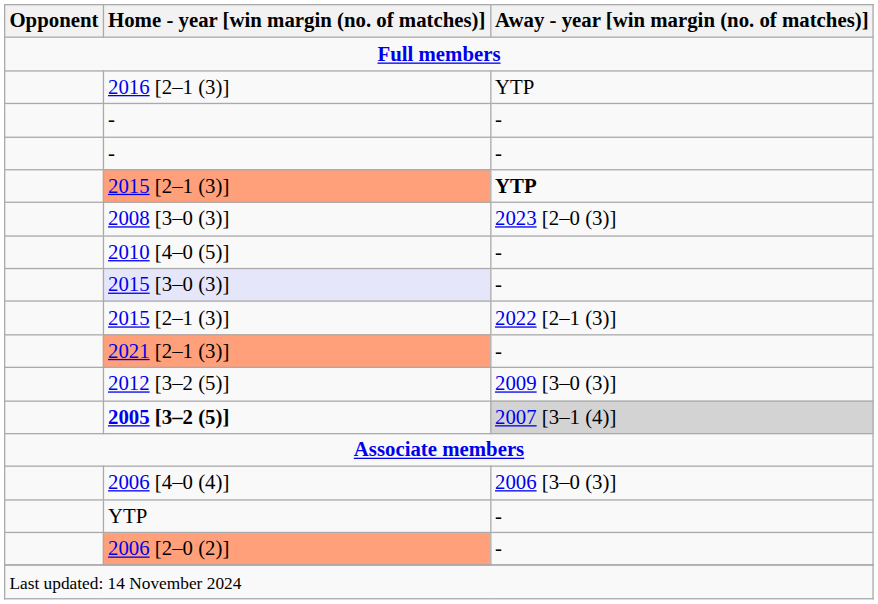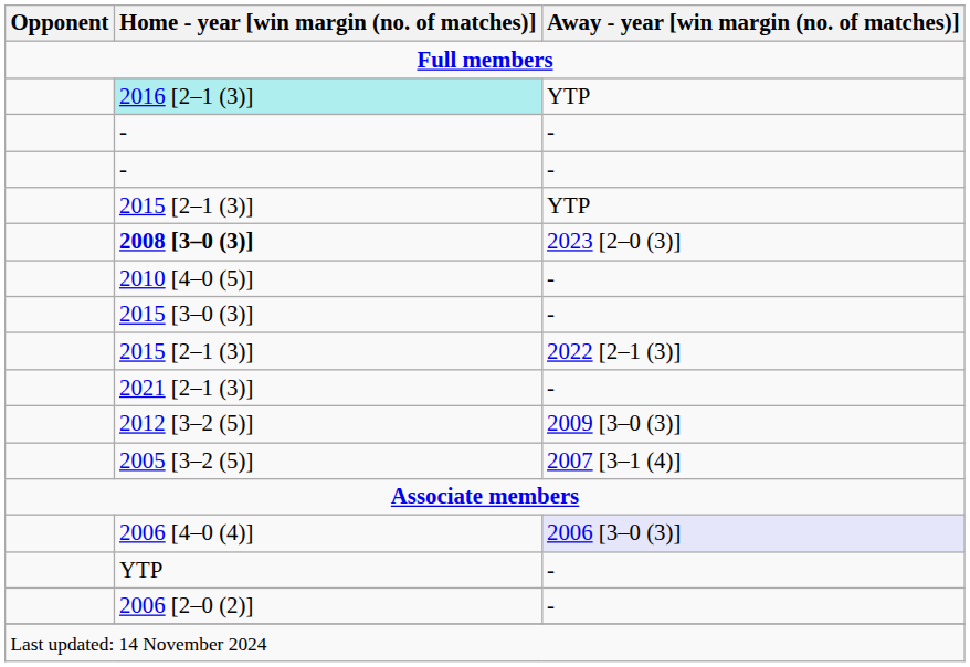 <table class="wikitable plainrowheaders sortable">
 <tr>
 <th>Opponent</th>
 <th>Home - year [win margin (no. of matches)]</th>
 <th>Away - year [win margin (no. of matches)]</th>
 </tr>
 <tr>
 <td style="text-align: center;" colspan="9"><strong><a href='#'>Full members</a></strong></td>
 </tr>
 <tr>
 <td></td>
-<td><a href='#'>2016</a> [2–1 (3)]</td>
+<td style="background: paleturquoise;"><a href='#'>2016</a> [2–1 (3)]</td>
 <td>YTP</td>
 </tr>
 <tr>
 <td></td>
 <td>-</td>
 <td>-</td>
 </tr>
 <tr>
 <td></td>
 <td>-</td>
 <td>-</td>
 </tr>
 <tr>
 <td></td>
-<td style="background: lightsalmon;"><a href='#'>2015</a> [2–1 (3)]</td>
-<td><strong>YTP</strong></td>
+<td><a href='#'>2015</a> [2–1 (3)]</td>
+<td>YTP</td>
 </tr>
 <tr>
 <td></td>
-<td><a href='#'>2008</a> [3–0 (3)]</td>
+<td><strong><a href='#'>2008</a> [3–0 (3)]</strong></td>
 <td><a href='#'>2023</a> [2–0 (3)]</td>
 </tr>
 <tr>
 <td></td>
 <td><a href='#'>2010</a> [4–0 (5)]</td>
 <td>-</td>
 </tr>
 <tr>
 <td></td>
-<td style="background: lavender;"><a href='#'>2015</a> [3–0 (3)]</td>
+<td><a href='#'>2015</a> [3–0 (3)]</td>
 <td>-</td>
 </tr>
 <tr>
 <td></td>
 <td><a href='#'>2015</a> [2–1 (3)]</td>
 <td><a href='#'>2022</a> [2–1 (3)]</td>
 </tr>
 <tr>
 <td></td>
-<td style="background: lightsalmon;"><a href='#'>2021</a> [2–1 (3)]</td>
+<td><a href='#'>2021</a> [2–1 (3)]</td>
 <td>-</td>
 </tr>
 <tr>
 <td></td>
 <td><a href='#'>2012</a> [3–2 (5)]</td>
 <td><a href='#'>2009</a> [3–0 (3)]</td>
 </tr>
 <tr>
 <td></td>
-<td><strong><a href='#'>2005</a> [3–2 (5)]</strong></td>
-<td style="background: lightgrey;"><a href='#'>2007</a> [3–1 (4)]</td>
+<td><a href='#'>2005</a> [3–2 (5)]</td>
+<td><a href='#'>2007</a> [3–1 (4)]</td>
 </tr>
 <tr>
 <td colspan="10" style="text-align: center;"><strong><a href='#'>Associate members</a></strong></td>
 </tr>
 <tr>
 <td></td>
 <td><a href='#'>2006</a> [4–0 (4)]</td>
-<td><a href='#'>2006</a> [3–0 (3)]</td>
+<td style="background: lavender;"><a href='#'>2006</a> [3–0 (3)]</td>
 </tr>
 <tr>
 <td></td>
 <td>YTP</td>
 <td>-</td>
 </tr>
 <tr>
 <td></td>
-<td style="background: lightsalmon;"><a href='#'>2006</a> [2–0 (2)]</td>
+<td><a href='#'>2006</a> [2–0 (2)]</td>
 <td>-</td>
 </tr>
 <tr>
 </tr>
 <tr class=sortbottom>
 <td colspan=3><small>Last updated: 14 November 2024</small></td>
 </tr>
 </table>
